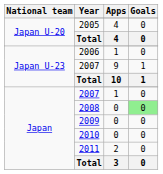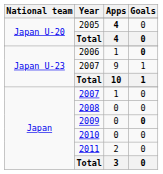 <table class="wikitable" style="text-align: center">
 <tr>
 <th>National team</th>
 <th>Year</th>
 <th>Apps</th>
 <th>Goals</th>
 </tr>
 <tr>
 <td rowspan="3"><a href='#'>Japan U-20</a></td>
 </tr>
 <tr>
 <td>2005</td>
-<td>4</td>
+<td><strong>4</strong></td>
 <td>0</td>
 </tr>
 <tr>
 <th>Total</th>
 <th>4</th>
 <th>0</th>
 </tr>
 <tr>
 <td rowspan="4"><a href='#'>Japan U-23</a></td>
 </tr>
 <tr>
 <td>2006</td>
 <td>1</td>
-<td>0</td>
+<td><strong>0</strong></td>
 </tr>
 <tr>
 <td>2007</td>
 <td>9</td>
 <td>1</td>
 </tr>
 <tr>
 <th>Total</th>
 <th>10</th>
 <th>1</th>
 </tr>
 <tr>
 <td rowspan="7"><a href='#'>Japan</a></td>
 </tr>
 <tr>
 <td><a href='#'>2007</a></td>
 <td>1</td>
 <td>0</td>
 </tr>
 <tr>
 <td><a href='#'>2008</a></td>
 <td>0</td>
-<td style="background: lightgreen;">0</td>
+<td>0</td>
 </tr>
 <tr>
 <td><a href='#'>2009</a></td>
 <td>0</td>
-<td>0</td>
+<td><strong>0</strong></td>
 </tr>
 <tr>
 <td><a href='#'>2010</a></td>
 <td>0</td>
 <td>0</td>
 </tr>
 <tr>
 <td><a href='#'>2011</a></td>
 <td>2</td>
 <td>0</td>
 </tr>
 <tr>
 <th>Total</th>
 <th>3</th>
 <th>0</th>
 </tr>
 </table>
